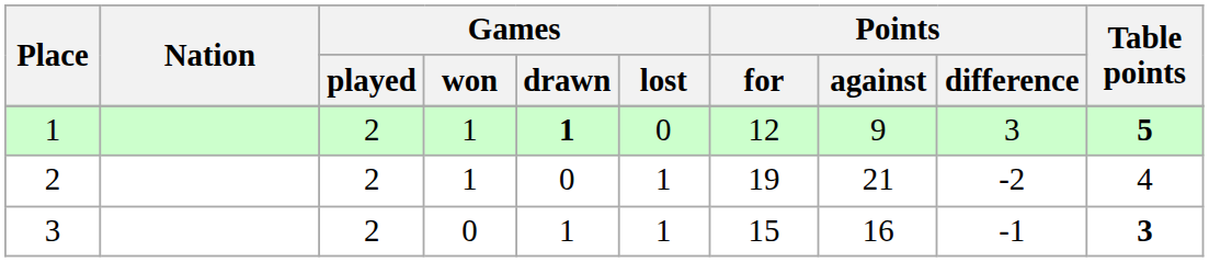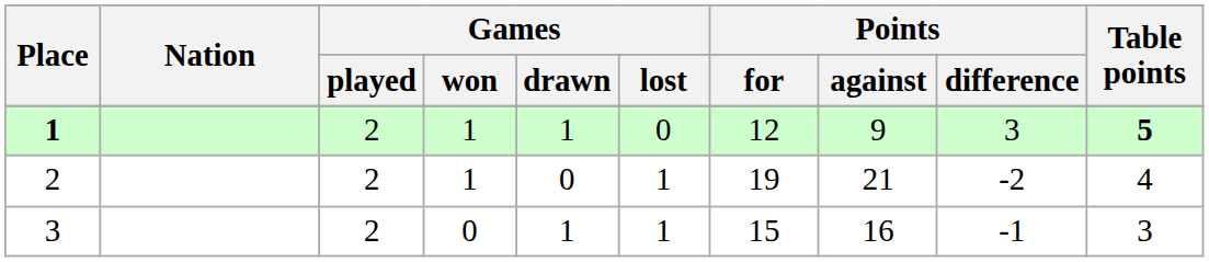 <table class="wikitable">
 <tr>
 <th rowspan=2 width="8%">Place</th>
 <th rowspan=2 width="20%">Nation</th>
 <th colspan=4 width="32%">Games</th>
 <th colspan=3 width="30%">Points</th>
 <th rowspan=2 width="10%">Table<br>points</th>
 </tr>
 <tr>
 <th width="8%">played</th>
 <th width="8%">won</th>
 <th width="8%">drawn</th>
 <th width="8%">lost</th>
 <th width="10%">for</th>
 <th width="10%">against</th>
 <th width="10%">difference</th>
 </tr>
 <tr>
 </tr>
 <tr bgcolor=#ccffcc align=center>
-<td>1</td>
+<td><strong>1</strong></td>
 <td align=left><strong></strong></td>
 <td>2</td>
 <td>1</td>
-<td><strong>1</strong></td>
+<td>1</td>
 <td>0</td>
 <td>12</td>
 <td>9</td>
 <td>3</td>
 <td><strong>5</strong></td>
 </tr>
 <tr bgcolor=#ffffff align=center>
 <td>2</td>
 <td align=left></td>
 <td>2</td>
 <td>1</td>
 <td>0</td>
 <td>1</td>
 <td>19</td>
 <td>21</td>
 <td>-2</td>
 <td>4</td>
 </tr>
 <tr bgcolor=#ffffff align=center>
 <td>3</td>
 <td align=left></td>
 <td>2</td>
 <td>0</td>
 <td>1</td>
 <td>1</td>
 <td>15</td>
 <td>16</td>
 <td>-1</td>
-<td><strong>3</strong></td>
+<td>3</td>
 </tr>
 </table>
